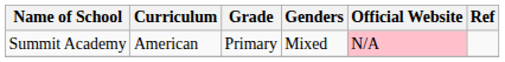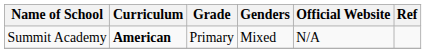 <table class="wikitable">
 <tr>
 <th>Name of School</th>
 <th>Curriculum</th>
 <th>Grade</th>
 <th>Genders</th>
 <th>Official Website</th>
 <th>Ref</th>
 </tr>
 <tr>
 <td>Summit Academy</td>
-<td>American</td>
+<td><strong>American</strong></td>
 <td>Primary</td>
 <td>Mixed</td>
-<td style="background: pink;">N/A</td>
+<td>N/A</td>
 <td></td>
 </tr>
 <tr>
 </tr>
 </table>
